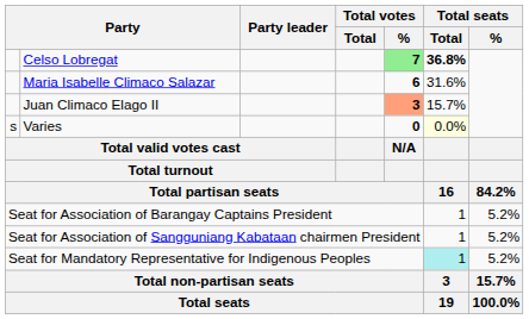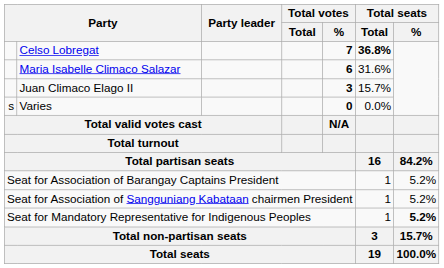 <table class=wikitable style="text-align:right">
 <tr>
 <th rowspan=2 colspan=2>Party</th>
 <th rowspan=2>Party leader</th>
 <th colspan=2>Total votes</th>
 <th colspan=2>Total seats</th>
 </tr>
 <tr>
 <th>Total</th>
 <th>%</th>
 <th>Total</th>
 <th>%</th>
 </tr>
 <tr>
 <td></td>
 <td align=left><a href='#'>Celso Lobregat</a></td>
 <td></td>
 <td></td>
-<td style="background: lightgreen;"><strong>7</strong></td>
+<td><strong>7</strong></td>
 <td><strong>36.8%</strong></td>
 </tr>
 <tr>
 <td></td>
 <td align=left><a href='#'>Maria Isabelle Climaco Salazar</a></td>
 <td></td>
 <td></td>
 <td><strong>6</strong></td>
 <td>31.6%</td>
 </tr>
 <tr>
 <td></td>
 <td align=left>Juan Climaco Elago II</td>
 <td></td>
 <td></td>
-<td style="background: lightsalmon;"><strong>3</strong></td>
+<td><strong>3</strong></td>
 <td>15.7%</td>
 </tr>
 <tr>
 <td>s</td>
 <td align=left>Varies</td>
 <td></td>
 <td></td>
 <td><strong>0</strong></td>
-<td style="background: lightyellow;">0.0%</td>
+<td>0.0%</td>
 </tr>
 <tr>
 <th align=left colspan=3>Total valid votes cast</th>
 <th></th>
 <th>N/A</th>
 <th></th>
 <th></th>
 </tr>
 <tr>
 <th align=left colspan=3>Total turnout</th>
 <th></th>
 <th></th>
 <th></th>
 <th></th>
 </tr>
 <tr>
 <th align=left colspan=5>Total partisan seats</th>
 <th>16</th>
 <th>84.2%</th>
 </tr>
 <tr>
 <td align=left colspan=5>Seat for Association of Barangay Captains President</td>
 <td>1</td>
 <td>5.2%</td>
 </tr>
 <tr>
 <td align=left colspan=5>Seat for Association of <a href='#'>Sangguniang Kabataan</a> chairmen President</td>
 <td>1</td>
 <td>5.2%</td>
 </tr>
 <tr>
 <td align=left colspan=5>Seat for Mandatory Representative for Indigenous Peoples</td>
-<td style="background: paleturquoise;">1</td>
-<td>5.2%</td>
+<td>1</td>
+<td><strong>5.2%</strong></td>
 </tr>
 <tr>
 <th align=left colspan=5>Total non-partisan seats</th>
 <th>3</th>
 <th>15.7%</th>
 </tr>
 <tr>
 <th colspan=5>Total seats</th>
 <th>19</th>
 <th>100.0%</th>
 </tr>
 </table>
